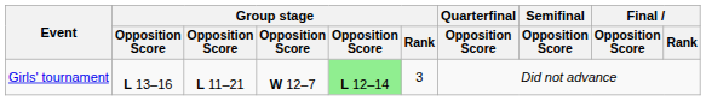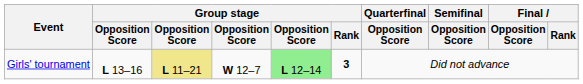 <table class="wikitable" style="font-size:90%">
 <tr>
 <th rowspan=2>Event</th>
 <th colspan=5>Group stage</th>
 <th>Quarterfinal</th>
 <th>Semifinal</th>
 <th colspan=2>Final / </th>
 </tr>
 <tr style="font-size:95%">
 <th>Opposition<br>Score</th>
 <th>Opposition<br>Score</th>
 <th>Opposition<br>Score</th>
 <th>Opposition<br>Score</th>
 <th>Rank</th>
 <th>Opposition<br>Score</th>
 <th>Opposition<br>Score</th>
 <th>Opposition<br>Score</th>
 <th>Rank</th>
 </tr>
 <tr align=center>
 <td align=left><a href='#'>Girls' tournament</a></td>
 <td><br><strong>L</strong> 13–16</td>
-<td><br><strong>L</strong> 11–21</td>
+<td style="background: khaki;"><br><strong>L</strong> 11–21</td>
 <td><br><strong>W</strong> 12–7</td>
 <td style="background: lightgreen;"><br><strong>L</strong> 12–14</td>
-<td>3</td>
+<td><strong>3</strong></td>
 <td colspan=4><em>Did not advance</em></td>
 </tr>
 </table>
